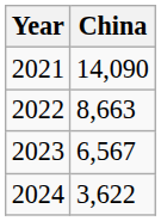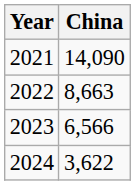 <table class="wikitable" style="text align:left">
 <tr>
 <th>Year</th>
 <th>China</th>
 </tr>
 <tr>
 <td>2021</td>
 <td>14,090</td>
 </tr>
 <tr>
 <td>2022</td>
 <td>8,663</td>
 </tr>
 <tr>
 <td>2023</td>
-<td>6,567</td>
+<td>6,566</td>
 </tr>
 <tr>
 <td>2024</td>
 <td>3,622</td>
 </tr>
 </table>
